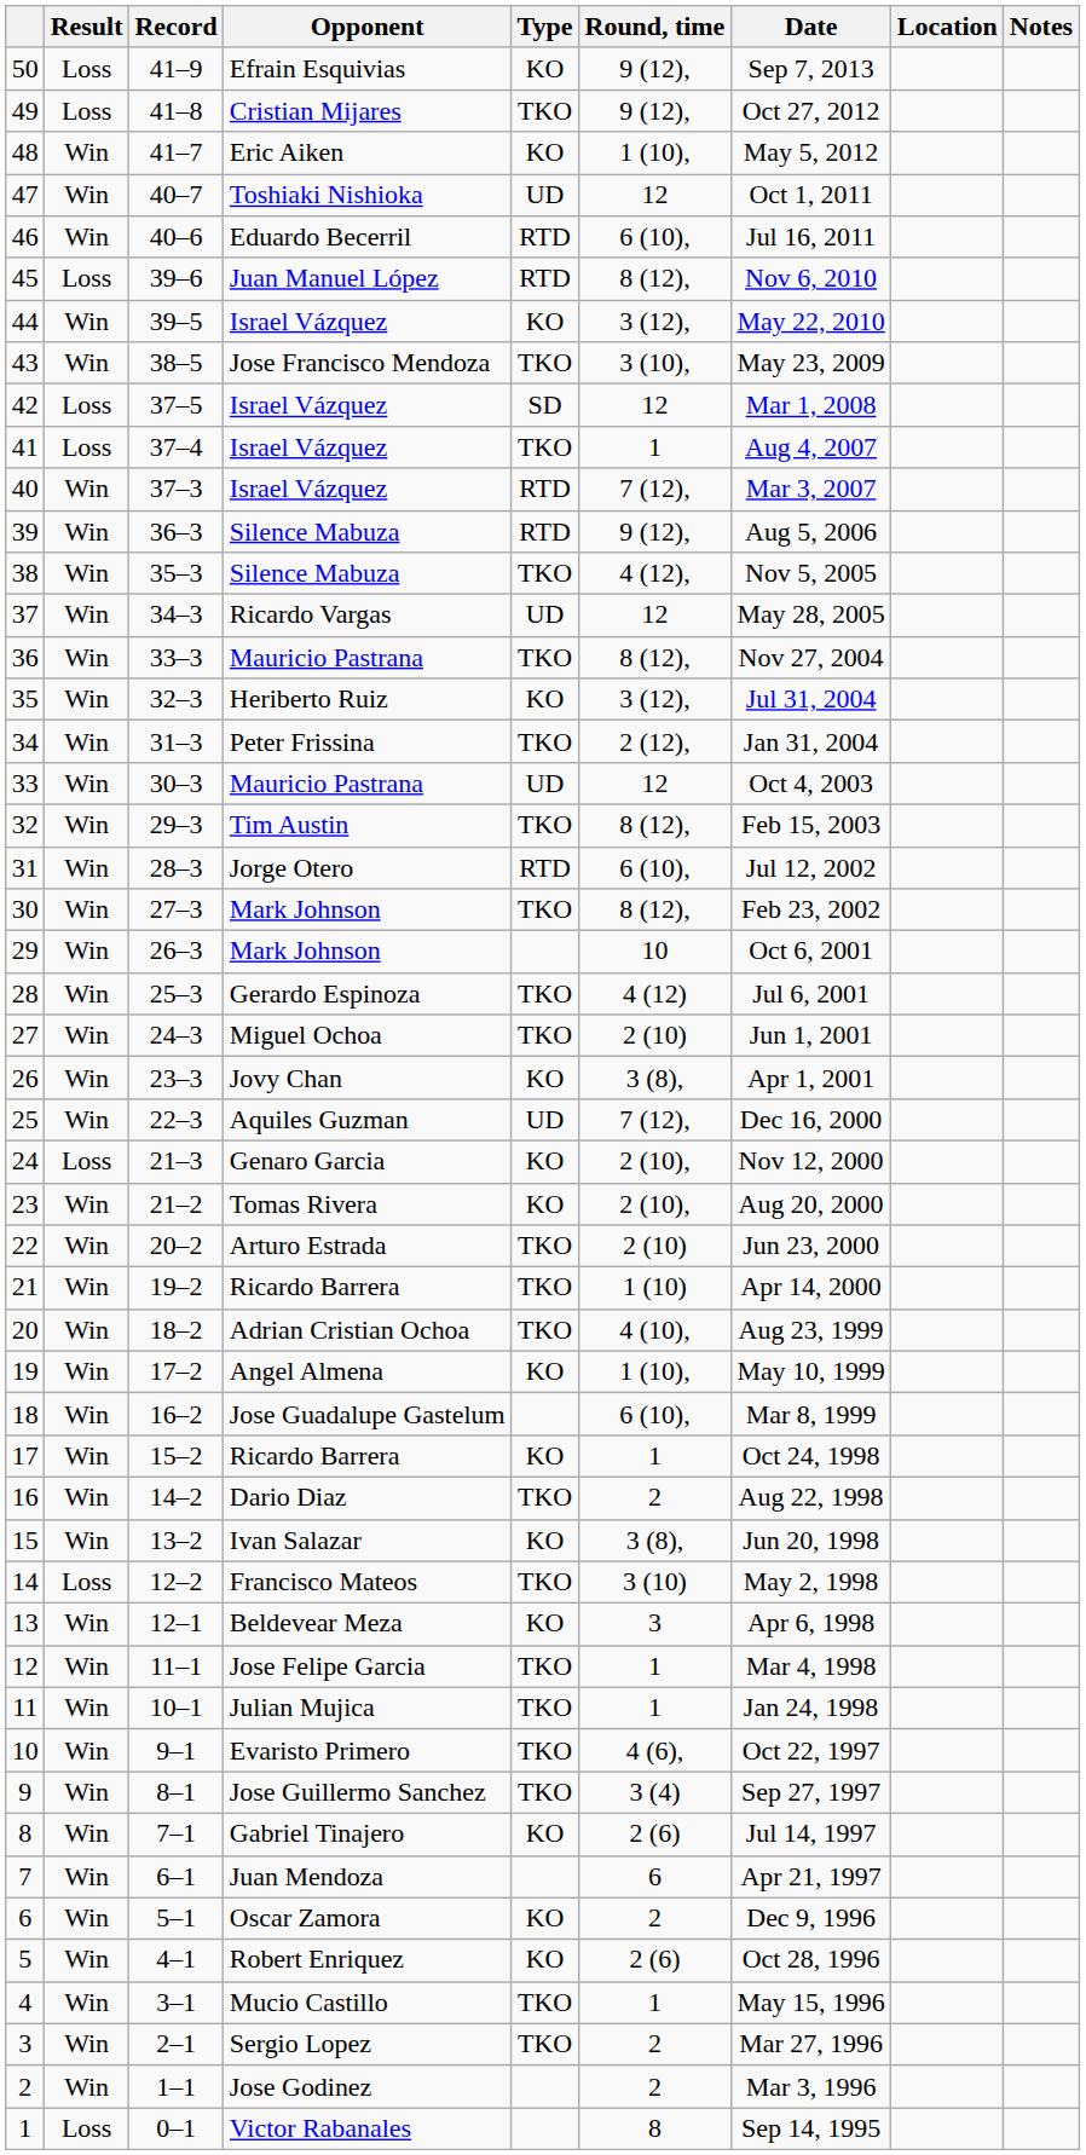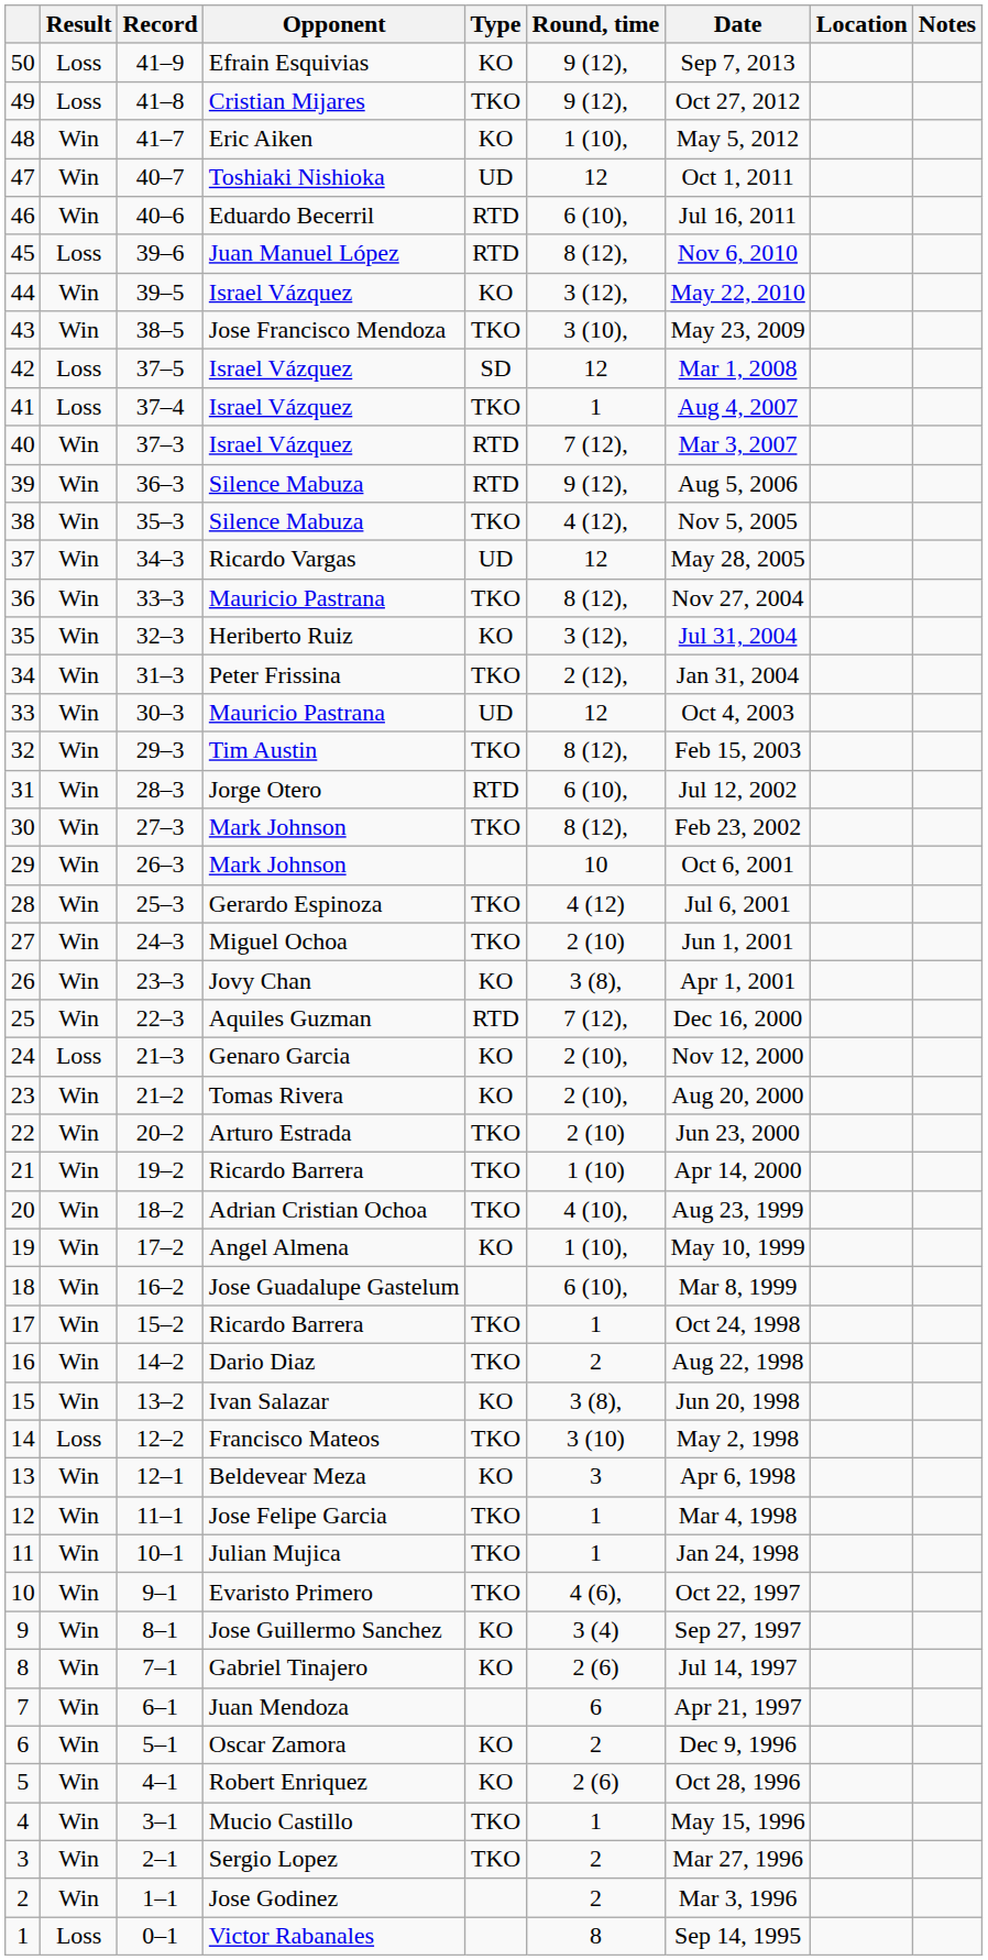 <table class="wikitable" style="text-align:center">
 <tr>
 <th></th>
 <th>Result</th>
 <th>Record</th>
 <th>Opponent</th>
 <th>Type</th>
 <th>Round, time</th>
 <th>Date</th>
 <th>Location</th>
 <th>Notes</th>
 </tr>
 <tr>
 <td>50</td>
 <td>Loss</td>
 <td>41–9</td>
 <td style="text-align:left;">Efrain Esquivias</td>
 <td>KO</td>
 <td>9 (12), </td>
 <td>Sep 7, 2013</td>
 <td style="text-align:left;"></td>
 <td></td>
 </tr>
 <tr>
 <td>49</td>
 <td>Loss</td>
 <td>41–8</td>
 <td style="text-align:left;"><a href='#'>Cristian Mijares</a></td>
 <td>TKO</td>
 <td>9 (12), </td>
 <td>Oct 27, 2012</td>
 <td style="text-align:left;"></td>
 <td></td>
 </tr>
 <tr>
 <td>48</td>
 <td>Win</td>
 <td>41–7</td>
 <td style="text-align:left;">Eric Aiken</td>
 <td>KO</td>
 <td>1 (10), </td>
 <td>May 5, 2012</td>
 <td style="text-align:left;"></td>
 <td></td>
 </tr>
 <tr>
 <td>47</td>
 <td>Win</td>
 <td>40–7</td>
 <td style="text-align:left;"><a href='#'>Toshiaki Nishioka</a></td>
 <td>UD</td>
 <td>12</td>
 <td>Oct 1, 2011</td>
 <td style="text-align:left;"></td>
 <td style="text-align:left;"></td>
 </tr>
 <tr>
 <td>46</td>
 <td>Win</td>
 <td>40–6</td>
 <td style="text-align:left;">Eduardo Becerril</td>
 <td>RTD</td>
 <td>6 (10), </td>
 <td>Jul 16, 2011</td>
 <td style="text-align:left;"></td>
 <td></td>
 </tr>
 <tr>
 <td>45</td>
 <td>Loss</td>
 <td>39–6</td>
 <td style="text-align:left;"><a href='#'>Juan Manuel López</a></td>
 <td>RTD</td>
 <td>8 (12), </td>
 <td><a href='#'>Nov 6, 2010</a></td>
 <td style="text-align:left;"></td>
 <td style="text-align:left;"></td>
 </tr>
 <tr>
 <td>44</td>
 <td>Win</td>
 <td>39–5</td>
 <td style="text-align:left;"><a href='#'>Israel Vázquez</a></td>
 <td>KO</td>
 <td>3 (12), </td>
 <td><a href='#'>May 22, 2010</a></td>
 <td style="text-align:left;"></td>
 <td style="text-align:left;"></td>
 </tr>
 <tr>
 <td>43</td>
 <td>Win</td>
 <td>38–5</td>
 <td style="text-align:left;">Jose Francisco Mendoza</td>
 <td>TKO</td>
 <td>3 (10), </td>
 <td>May 23, 2009</td>
 <td style="text-align:left;"></td>
 <td></td>
 </tr>
 <tr>
 <td>42</td>
 <td>Loss</td>
 <td>37–5</td>
 <td style="text-align:left;"><a href='#'>Israel Vázquez</a></td>
 <td>SD</td>
 <td>12</td>
 <td><a href='#'>Mar 1, 2008</a></td>
 <td style="text-align:left;"></td>
 <td style="text-align:left;"></td>
 </tr>
 <tr>
 <td>41</td>
 <td>Loss</td>
 <td>37–4</td>
 <td style="text-align:left;"><a href='#'>Israel Vázquez</a></td>
 <td>TKO</td>
 <td>1</td>
 <td><a href='#'>Aug 4, 2007</a></td>
 <td style="text-align:left;"></td>
 <td style="text-align:left;"></td>
 </tr>
 <tr>
 <td>40</td>
 <td>Win</td>
 <td>37–3</td>
 <td style="text-align:left;"><a href='#'>Israel Vázquez</a></td>
 <td>RTD</td>
 <td>7 (12), </td>
 <td><a href='#'>Mar 3, 2007</a></td>
 <td style="text-align:left;"></td>
 <td style="text-align:left;"></td>
 </tr>
 <tr>
 <td>39</td>
 <td>Win</td>
 <td>36–3</td>
 <td style="text-align:left;"><a href='#'>Silence Mabuza</a></td>
 <td>RTD</td>
 <td>9 (12), </td>
 <td>Aug 5, 2006</td>
 <td style="text-align:left;"></td>
 <td style="text-align:left;"></td>
 </tr>
 <tr>
 <td>38</td>
 <td>Win</td>
 <td>35–3</td>
 <td style="text-align:left;"><a href='#'>Silence Mabuza</a></td>
 <td>TKO</td>
 <td>4 (12), </td>
 <td>Nov 5, 2005</td>
 <td style="text-align:left;"></td>
 <td style="text-align:left;"></td>
 </tr>
 <tr>
 <td>37</td>
 <td>Win</td>
 <td>34–3</td>
 <td style="text-align:left;">Ricardo Vargas</td>
 <td>UD</td>
 <td>12</td>
 <td>May 28, 2005</td>
 <td style="text-align:left;"></td>
 <td style="text-align:left;"></td>
 </tr>
 <tr>
 <td>36</td>
 <td>Win</td>
 <td>33–3</td>
 <td style="text-align:left;"><a href='#'>Mauricio Pastrana</a></td>
 <td>TKO</td>
 <td>8 (12), </td>
 <td>Nov 27, 2004</td>
 <td style="text-align:left;"></td>
 <td style="text-align:left;"></td>
 </tr>
 <tr>
 <td>35</td>
 <td>Win</td>
 <td>32–3</td>
 <td style="text-align:left;">Heriberto Ruiz</td>
 <td>KO</td>
 <td>3 (12), </td>
 <td><a href='#'>Jul 31, 2004</a></td>
 <td style="text-align:left;"></td>
 <td style="text-align:left;"></td>
 </tr>
 <tr>
 <td>34</td>
 <td>Win</td>
 <td>31–3</td>
 <td style="text-align:left;">Peter Frissina</td>
 <td>TKO</td>
 <td>2 (12), </td>
 <td>Jan 31, 2004</td>
 <td style="text-align:left;"></td>
 <td style="text-align:left;"></td>
 </tr>
 <tr>
 <td>33</td>
 <td>Win</td>
 <td>30–3</td>
 <td style="text-align:left;"><a href='#'>Mauricio Pastrana</a></td>
 <td>UD</td>
 <td>12</td>
 <td>Oct 4, 2003</td>
 <td style="text-align:left;"></td>
 <td style="text-align:left;"></td>
 </tr>
 <tr>
 <td>32</td>
 <td>Win</td>
 <td>29–3</td>
 <td style="text-align:left;"><a href='#'>Tim Austin</a></td>
 <td>TKO</td>
 <td>8 (12), </td>
 <td>Feb 15, 2003</td>
 <td style="text-align:left;"></td>
 <td style="text-align:left;"></td>
 </tr>
 <tr>
 <td>31</td>
 <td>Win</td>
 <td>28–3</td>
 <td style="text-align:left;">Jorge Otero</td>
 <td>RTD</td>
 <td>6 (10), </td>
 <td>Jul 12, 2002</td>
 <td style="text-align:left;"></td>
 <td></td>
 </tr>
 <tr>
 <td>30</td>
 <td>Win</td>
 <td>27–3</td>
 <td style="text-align:left;"><a href='#'>Mark Johnson</a></td>
 <td>TKO</td>
 <td>8 (12), </td>
 <td>Feb 23, 2002</td>
 <td style="text-align:left;"></td>
 <td style="text-align:left;"></td>
 </tr>
 <tr>
 <td>29</td>
 <td>Win</td>
 <td>26–3</td>
 <td style="text-align:left;"><a href='#'>Mark Johnson</a></td>
 <td></td>
 <td>10</td>
 <td>Oct 6, 2001</td>
 <td style="text-align:left;"></td>
 <td></td>
 </tr>
 <tr>
 <td>28</td>
 <td>Win</td>
 <td>25–3</td>
 <td style="text-align:left;">Gerardo Espinoza</td>
 <td>TKO</td>
 <td>4 (12)</td>
 <td>Jul 6, 2001</td>
 <td style="text-align:left;"></td>
 <td style="text-align:left;"></td>
 </tr>
 <tr>
 <td>27</td>
 <td>Win</td>
 <td>24–3</td>
 <td style="text-align:left;">Miguel Ochoa</td>
 <td>TKO</td>
 <td>2 (10)</td>
 <td>Jun 1, 2001</td>
 <td style="text-align:left;"></td>
 <td></td>
 </tr>
 <tr>
 <td>26</td>
 <td>Win</td>
 <td>23–3</td>
 <td style="text-align:left;">Jovy Chan</td>
 <td>KO</td>
 <td>3 (8), </td>
 <td>Apr 1, 2001</td>
 <td style="text-align:left;"></td>
 <td></td>
 </tr>
 <tr>
 <td>25</td>
 <td>Win</td>
 <td>22–3</td>
 <td style="text-align:left;">Aquiles Guzman</td>
-<td>UD</td>
+<td>RTD</td>
 <td>7 (12), </td>
 <td>Dec 16, 2000</td>
 <td style="text-align:left;"></td>
 <td style="text-align:left;"></td>
 </tr>
 <tr>
 <td>24</td>
 <td>Loss</td>
 <td>21–3</td>
 <td style="text-align:left;">Genaro Garcia</td>
 <td>KO</td>
 <td>2 (10), </td>
 <td>Nov 12, 2000</td>
 <td style="text-align:left;"></td>
 <td></td>
 </tr>
 <tr>
 <td>23</td>
 <td>Win</td>
 <td>21–2</td>
 <td style="text-align:left;">Tomas Rivera</td>
 <td>KO</td>
 <td>2 (10), </td>
 <td>Aug 20, 2000</td>
 <td style="text-align:left;"></td>
 <td></td>
 </tr>
 <tr>
 <td>22</td>
 <td>Win</td>
 <td>20–2</td>
 <td style="text-align:left;">Arturo Estrada</td>
 <td>TKO</td>
 <td>2 (10)</td>
 <td>Jun 23, 2000</td>
 <td style="text-align:left;"></td>
 <td></td>
 </tr>
 <tr>
 <td>21</td>
 <td>Win</td>
 <td>19–2</td>
 <td style="text-align:left;">Ricardo Barrera</td>
 <td>TKO</td>
 <td>1 (10)</td>
 <td>Apr 14, 2000</td>
 <td style="text-align:left;"></td>
 <td></td>
 </tr>
 <tr>
 <td>20</td>
 <td>Win</td>
 <td>18–2</td>
 <td style="text-align:left;">Adrian Cristian Ochoa</td>
 <td>TKO</td>
 <td>4 (10), </td>
 <td>Aug 23, 1999</td>
 <td style="text-align:left;"></td>
 <td></td>
 </tr>
 <tr>
 <td>19</td>
 <td>Win</td>
 <td>17–2</td>
 <td style="text-align:left;">Angel Almena</td>
 <td>KO</td>
 <td>1 (10), </td>
 <td>May 10, 1999</td>
 <td style="text-align:left;"></td>
 <td></td>
 </tr>
 <tr>
 <td>18</td>
 <td>Win</td>
 <td>16–2</td>
 <td style="text-align:left;">Jose Guadalupe Gastelum</td>
 <td></td>
 <td>6 (10), </td>
 <td>Mar 8, 1999</td>
 <td style="text-align:left;"></td>
 <td></td>
 </tr>
 <tr>
 <td>17</td>
 <td>Win</td>
 <td>15–2</td>
 <td style="text-align:left;">Ricardo Barrera</td>
-<td>KO</td>
+<td>TKO</td>
 <td>1</td>
 <td>Oct 24, 1998</td>
 <td style="text-align:left;"></td>
 <td></td>
 </tr>
 <tr>
 <td>16</td>
 <td>Win</td>
 <td>14–2</td>
 <td style="text-align:left;">Dario Diaz</td>
 <td>TKO</td>
 <td>2</td>
 <td>Aug 22, 1998</td>
 <td style="text-align:left;"></td>
 <td></td>
 </tr>
 <tr>
 <td>15</td>
 <td>Win</td>
 <td>13–2</td>
 <td style="text-align:left;">Ivan Salazar</td>
 <td>KO</td>
 <td>3 (8), </td>
 <td>Jun 20, 1998</td>
 <td style="text-align:left;"></td>
 <td></td>
 </tr>
 <tr>
 <td>14</td>
 <td>Loss</td>
 <td>12–2</td>
 <td style="text-align:left;">Francisco Mateos</td>
 <td>TKO</td>
 <td>3 (10)</td>
 <td>May 2, 1998</td>
 <td style="text-align:left;"></td>
 <td></td>
 </tr>
 <tr>
 <td>13</td>
 <td>Win</td>
 <td>12–1</td>
 <td style="text-align:left;">Beldevear Meza</td>
 <td>KO</td>
 <td>3</td>
 <td>Apr 6, 1998</td>
 <td style="text-align:left;"></td>
 <td></td>
 </tr>
 <tr>
 <td>12</td>
 <td>Win</td>
 <td>11–1</td>
 <td style="text-align:left;">Jose Felipe Garcia</td>
 <td>TKO</td>
 <td>1</td>
 <td>Mar 4, 1998</td>
 <td style="text-align:left;"></td>
 <td></td>
 </tr>
 <tr>
 <td>11</td>
 <td>Win</td>
 <td>10–1</td>
 <td style="text-align:left;">Julian Mujica</td>
 <td>TKO</td>
 <td>1</td>
 <td>Jan 24, 1998</td>
 <td style="text-align:left;"></td>
 <td></td>
 </tr>
 <tr>
 <td>10</td>
 <td>Win</td>
 <td>9–1</td>
 <td style="text-align:left;">Evaristo Primero</td>
 <td>TKO</td>
 <td>4 (6), </td>
 <td>Oct 22, 1997</td>
 <td style="text-align:left;"></td>
 <td></td>
 </tr>
 <tr>
 <td>9</td>
 <td>Win</td>
 <td>8–1</td>
 <td style="text-align:left;">Jose Guillermo Sanchez</td>
-<td>TKO</td>
+<td>KO</td>
 <td>3 (4)</td>
 <td>Sep 27, 1997</td>
 <td style="text-align:left;"></td>
 <td></td>
 </tr>
 <tr>
 <td>8</td>
 <td>Win</td>
 <td>7–1</td>
 <td style="text-align:left;">Gabriel Tinajero</td>
 <td>KO</td>
 <td>2 (6)</td>
 <td>Jul 14, 1997</td>
 <td style="text-align:left;"></td>
 <td></td>
 </tr>
 <tr>
 <td>7</td>
 <td>Win</td>
 <td>6–1</td>
 <td style="text-align:left;">Juan Mendoza</td>
 <td></td>
 <td>6</td>
 <td>Apr 21, 1997</td>
 <td style="text-align:left;"></td>
 <td></td>
 </tr>
 <tr>
 <td>6</td>
 <td>Win</td>
 <td>5–1</td>
 <td style="text-align:left;">Oscar Zamora</td>
 <td>KO</td>
 <td>2</td>
 <td>Dec 9, 1996</td>
 <td style="text-align:left;"></td>
 <td></td>
 </tr>
 <tr>
 <td>5</td>
 <td>Win</td>
 <td>4–1</td>
 <td style="text-align:left;">Robert Enriquez</td>
 <td>KO</td>
 <td>2 (6)</td>
 <td>Oct 28, 1996</td>
 <td style="text-align:left;"></td>
 <td></td>
 </tr>
 <tr>
 <td>4</td>
 <td>Win</td>
 <td>3–1</td>
 <td style="text-align:left;">Mucio Castillo</td>
 <td>TKO</td>
 <td>1</td>
 <td>May 15, 1996</td>
 <td style="text-align:left;"></td>
 <td></td>
 </tr>
 <tr>
 <td>3</td>
 <td>Win</td>
 <td>2–1</td>
 <td style="text-align:left;">Sergio Lopez</td>
 <td>TKO</td>
 <td>2</td>
 <td>Mar 27, 1996</td>
 <td style="text-align:left;"></td>
 <td></td>
 </tr>
 <tr>
 <td>2</td>
 <td>Win</td>
 <td>1–1</td>
 <td style="text-align:left;">Jose Godinez</td>
 <td></td>
 <td>2</td>
 <td>Mar 3, 1996</td>
 <td style="text-align:left;"></td>
 <td></td>
 </tr>
 <tr>
 <td>1</td>
 <td>Loss</td>
 <td>0–1</td>
 <td style="text-align:left;"><a href='#'>Victor Rabanales</a></td>
 <td></td>
 <td>8</td>
 <td>Sep 14, 1995</td>
 <td style="text-align:left;"></td>
 <td style="text-align:left;"></td>
 </tr>
 </table>
